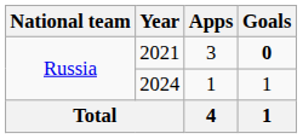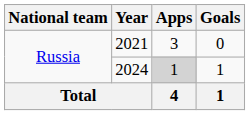 <table class="wikitable" style="text-align:center">
 <tr>
 <th>National team</th>
 <th>Year</th>
 <th>Apps</th>
 <th>Goals</th>
 </tr>
 <tr>
 <td rowspan="2"><a href='#'>Russia</a></td>
 <td>2021</td>
 <td>3</td>
-<td><strong>0</strong></td>
+<td>0</td>
 </tr>
 <tr>
 <td>2024</td>
-<td>1</td>
+<td style="background: lightgrey;">1</td>
 <td>1</td>
 </tr>
 <tr>
 <th colspan="2">Total</th>
 <th>4</th>
 <th>1</th>
 </tr>
 </table>
